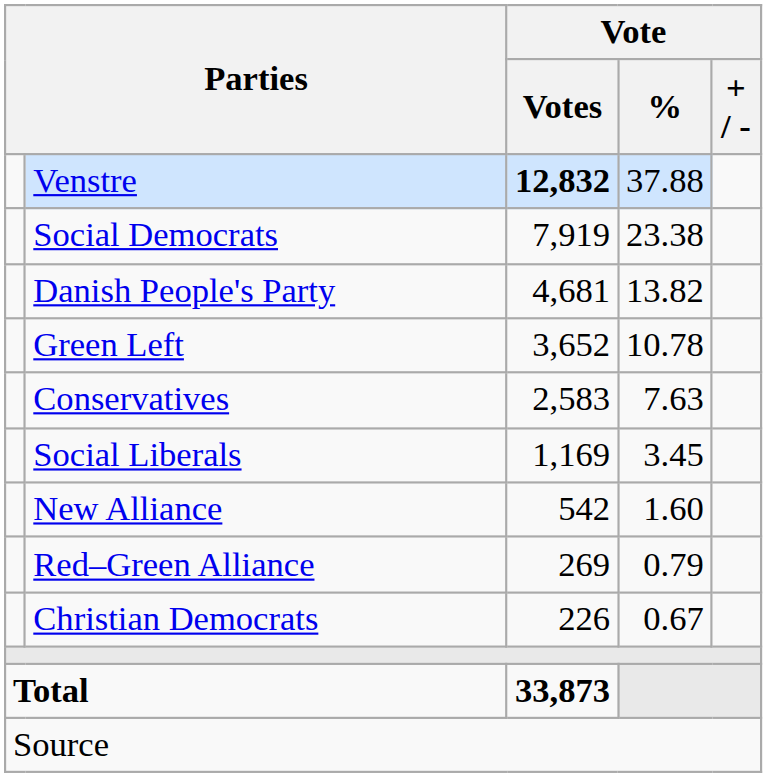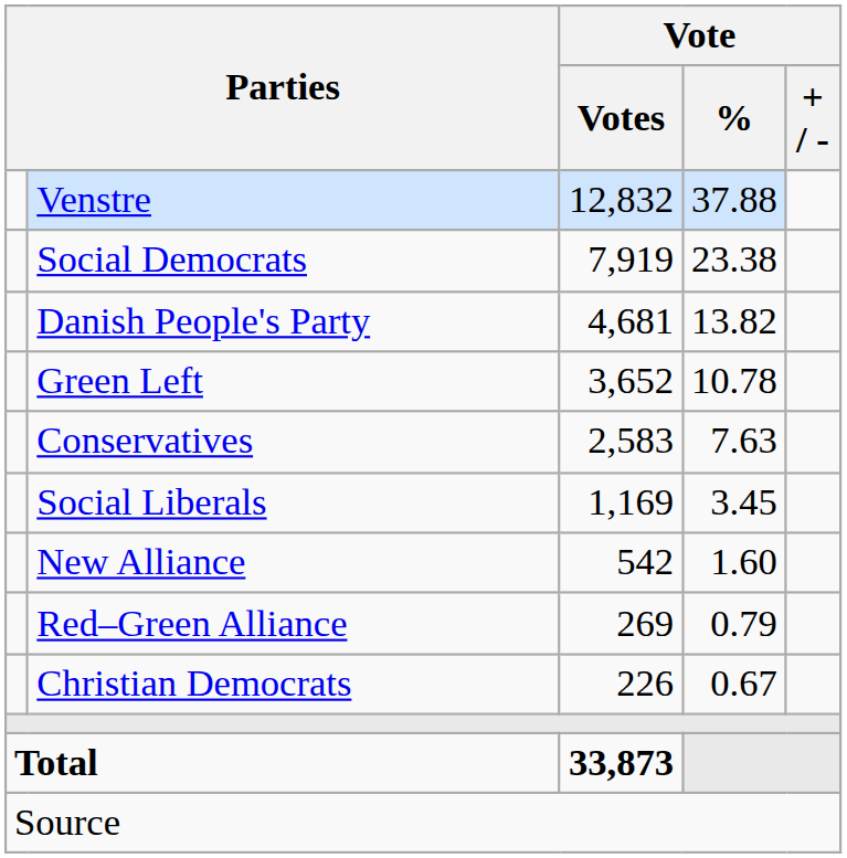 <table class="wikitable" style="text-align:right;">
 <tr>
 <th style="text-align:centre;" rowspan="2" colspan="2" width="225">Parties</th>
 <th colspan="3">Vote</th>
 </tr>
 <tr>
 <th width="15">Votes</th>
 <th width="15">%</th>
 <th width="15">+ / -</th>
 </tr>
 <tr>
 <td width="2" style="color:inherit;background:"></td>
 <td bgcolor=#cfe5fe  align="left"><a href='#'>Venstre</a></td>
-<td bgcolor=#cfe5fe><strong>12,832</strong></td>
+<td bgcolor=#cfe5fe>12,832</td>
 <td bgcolor=#cfe5fe>37.88</td>
 <td></td>
 </tr>
 <tr>
 <td width="2" style="color:inherit;background:"></td>
 <td align="left"><a href='#'>Social Democrats</a></td>
 <td>7,919</td>
 <td>23.38</td>
 <td></td>
 </tr>
 <tr>
 <td width="2" style="color:inherit;background:"></td>
 <td align="left"><a href='#'>Danish People's Party</a></td>
 <td>4,681</td>
 <td>13.82</td>
 <td></td>
 </tr>
 <tr>
 <td width="2" style="color:inherit;background:"></td>
 <td align="left"><a href='#'>Green Left</a></td>
 <td>3,652</td>
 <td>10.78</td>
 <td></td>
 </tr>
 <tr>
 <td width="2" style="color:inherit;background:"></td>
 <td align="left"><a href='#'>Conservatives</a></td>
 <td>2,583</td>
 <td>7.63</td>
 <td></td>
 </tr>
 <tr>
 <td width="2" style="color:inherit;background:"></td>
 <td align="left"><a href='#'>Social Liberals</a></td>
 <td>1,169</td>
 <td>3.45</td>
 <td></td>
 </tr>
 <tr>
 <td width="2" style="color:inherit;background:"></td>
 <td align="left"><a href='#'>New Alliance</a></td>
 <td>542</td>
 <td>1.60</td>
 <td></td>
 </tr>
 <tr>
 <td width="2" style="color:inherit;background:"></td>
 <td align="left"><a href='#'>Red–Green Alliance</a></td>
 <td>269</td>
 <td>0.79</td>
 <td></td>
 </tr>
 <tr>
 <td width="2" style="color:inherit;background:"></td>
 <td align="left"><a href='#'>Christian Democrats</a></td>
 <td>226</td>
 <td>0.67</td>
 <td></td>
 </tr>
 <tr>
 <td colspan="7" bgcolor="#E9E9E9"></td>
 </tr>
 <tr>
 <td align="left" colspan="2"><strong>Total</strong></td>
 <td><strong>33,873</strong></td>
 <td bgcolor="#E9E9E9" colspan="2"></td>
 </tr>
 <tr>
 <td align="left" colspan="6">Source</td>
 </tr>
 </table>
